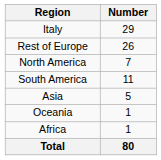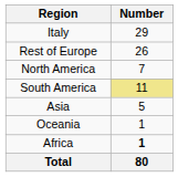 <table class="wikitable sortable" style="width:230px; float:right; margin:0 1em;">
 <tr>
 <th scope="col">Region</th>
 <th scope="col">Number</th>
 </tr>
 <tr>
 <td style="text-align:center" scope="row">Italy</td>
 <td style="text-align:center">29</td>
 </tr>
 <tr>
 <td style="text-align:center" scope="row" data-sort-value="Europe, Rest of">Rest of Europe</td>
 <td style="text-align:center">26</td>
 </tr>
 <tr>
 <td style="text-align:center" scope="row" data-sort-value="America, North">North America</td>
 <td style="text-align:center">7</td>
 </tr>
 <tr>
 <td style="text-align:center" scope="row" data-sort-value="America, South">South America</td>
-<td style="text-align:center">11</td>
+<td style="background: khaki; text-align:center">11</td>
 </tr>
 <tr>
 <td style="text-align:center" scope="row">Asia</td>
 <td style="text-align:center">5</td>
 </tr>
 <tr>
 <td style="text-align:center" scope="row">Oceania</td>
 <td style="text-align:center">1</td>
 </tr>
 <tr>
 <td style="text-align:center" scope="row">Africa</td>
-<td style="text-align:center">1</td>
+<td style="text-align:center"><strong>1</strong></td>
 </tr>
 <tr>
 <th scope="row">Total</th>
 <th>80</th>
 </tr>
 </table>
